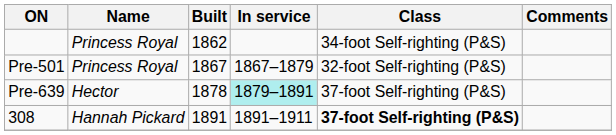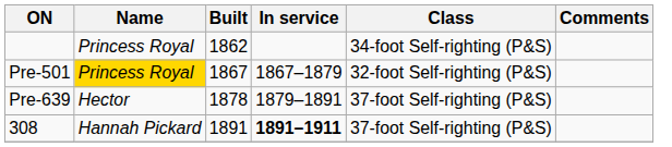 <table class="wikitable">
 <tr>
 <th>ON</th>
 <th>Name</th>
 <th>Built</th>
 <th>In service</th>
 <th>Class</th>
 <th>Comments</th>
 </tr>
 <tr>
 <td></td>
 <td><em>Princess Royal</em></td>
 <td>1862</td>
 <td></td>
 <td>34-foot Self-righting (P&S)</td>
 <td></td>
 </tr>
 <tr>
 <td>Pre-501</td>
-<td><em>Princess Royal</em></td>
+<td style="background: gold;"><em>Princess Royal</em></td>
 <td>1867</td>
 <td>1867–1879</td>
 <td>32-foot Self-righting (P&S)</td>
 <td></td>
 </tr>
 <tr>
 <td>Pre-639</td>
 <td><em>Hector</em></td>
 <td>1878</td>
-<td style="background: paleturquoise;">1879–1891</td>
+<td>1879–1891</td>
 <td>37-foot Self-righting (P&S)</td>
 <td></td>
 </tr>
 <tr>
 <td>308</td>
 <td><em>Hannah Pickard</em></td>
 <td>1891</td>
-<td>1891–1911</td>
-<td><strong>37-foot Self-righting (P&S)</strong></td>
+<td><strong>1891–1911</strong></td>
+<td>37-foot Self-righting (P&S)</td>
 <td></td>
 </tr>
 <tr>
 </tr>
 </table>
